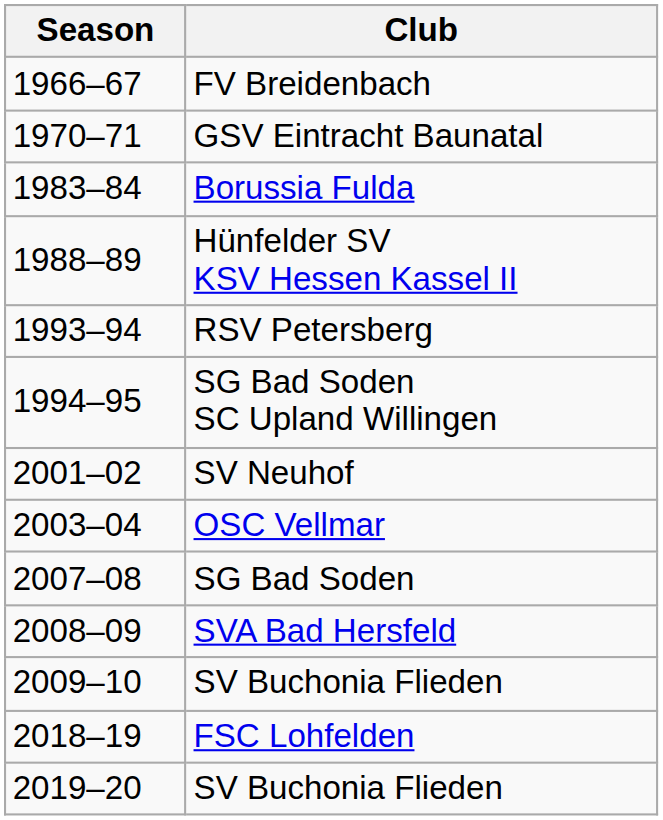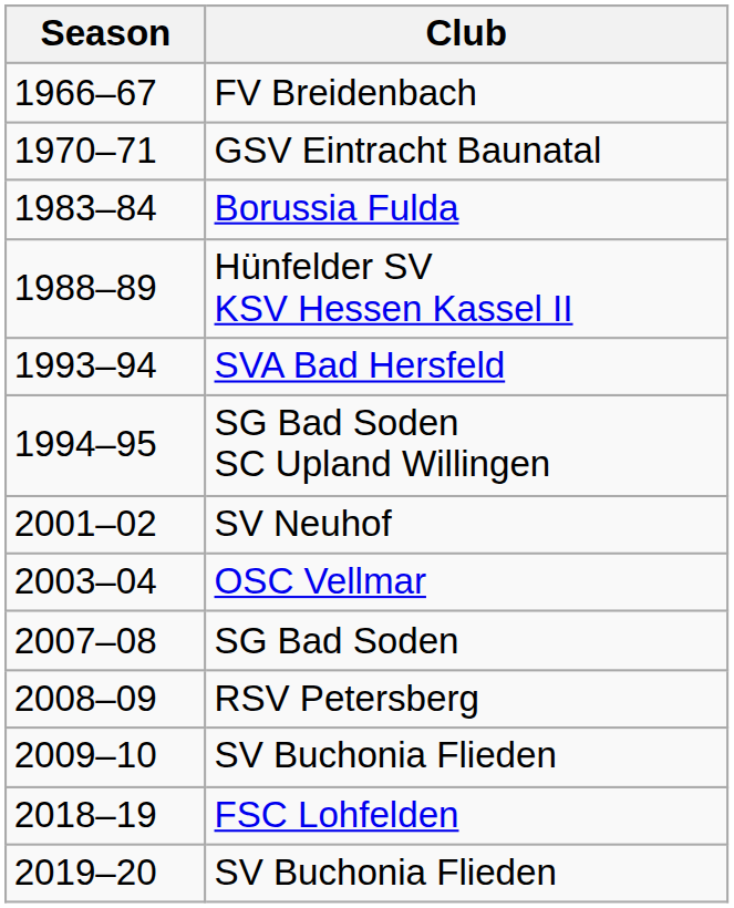 <table class="wikitable">
 <tr align="center" bgcolor="#dfdfdf">
 <th width="80">Season</th>
 <th width="220">Club</th>
 </tr>
 <tr>
 <td>1966–67</td>
 <td>FV Breidenbach</td>
 </tr>
 <tr>
 <td>1970–71</td>
 <td>GSV Eintracht Baunatal</td>
 </tr>
 <tr>
 <td>1983–84</td>
 <td><a href='#'>Borussia Fulda</a></td>
 </tr>
 <tr>
 <td>1988–89</td>
 <td>Hünfelder SV <br> <a href='#'>KSV Hessen Kassel II</a></td>
 </tr>
 <tr>
 <td>1993–94</td>
-<td>RSV Petersberg</td>
+<td><a href='#'>SVA Bad Hersfeld</a></td>
 </tr>
 <tr>
 <td>1994–95</td>
 <td>SG Bad Soden <br> SC Upland Willingen</td>
 </tr>
 <tr>
 <td>2001–02</td>
 <td>SV Neuhof</td>
 </tr>
 <tr>
 <td>2003–04</td>
 <td><a href='#'>OSC Vellmar</a></td>
 </tr>
 <tr>
 <td>2007–08</td>
 <td>SG Bad Soden</td>
 </tr>
 <tr>
 <td>2008–09</td>
-<td><a href='#'>SVA Bad Hersfeld</a></td>
+<td>RSV Petersberg</td>
 </tr>
 <tr>
 <td>2009–10</td>
 <td>SV Buchonia Flieden</td>
 </tr>
 <tr>
 <td>2018–19</td>
 <td><a href='#'>FSC Lohfelden</a></td>
 </tr>
 <tr>
 <td>2019–20</td>
 <td>SV Buchonia Flieden</td>
 </tr>
 </table>
